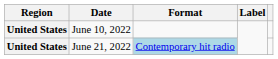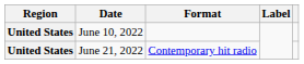 <table class="wikitable plainrowheaders">
 <tr>
 <th scope="col">Region</th>
 <th scope="col">Date</th>
 <th scope="col">Format</th>
 <th scope="col">Label</th>
 <th scope="col"></th>
 </tr>
 <tr>
 <th scope="row">United States</th>
 <td>June 10, 2022</td>
 <td></td>
 <td rowspan="2"></td>
 <td></td>
 </tr>
 <tr>
 <th scope="row">United States</th>
 <td>June 21, 2022</td>
-<td style="background: lightblue;"><a href='#'>Contemporary hit radio</a></td>
+<td><a href='#'>Contemporary hit radio</a></td>
 <td></td>
 </tr>
 </table>
